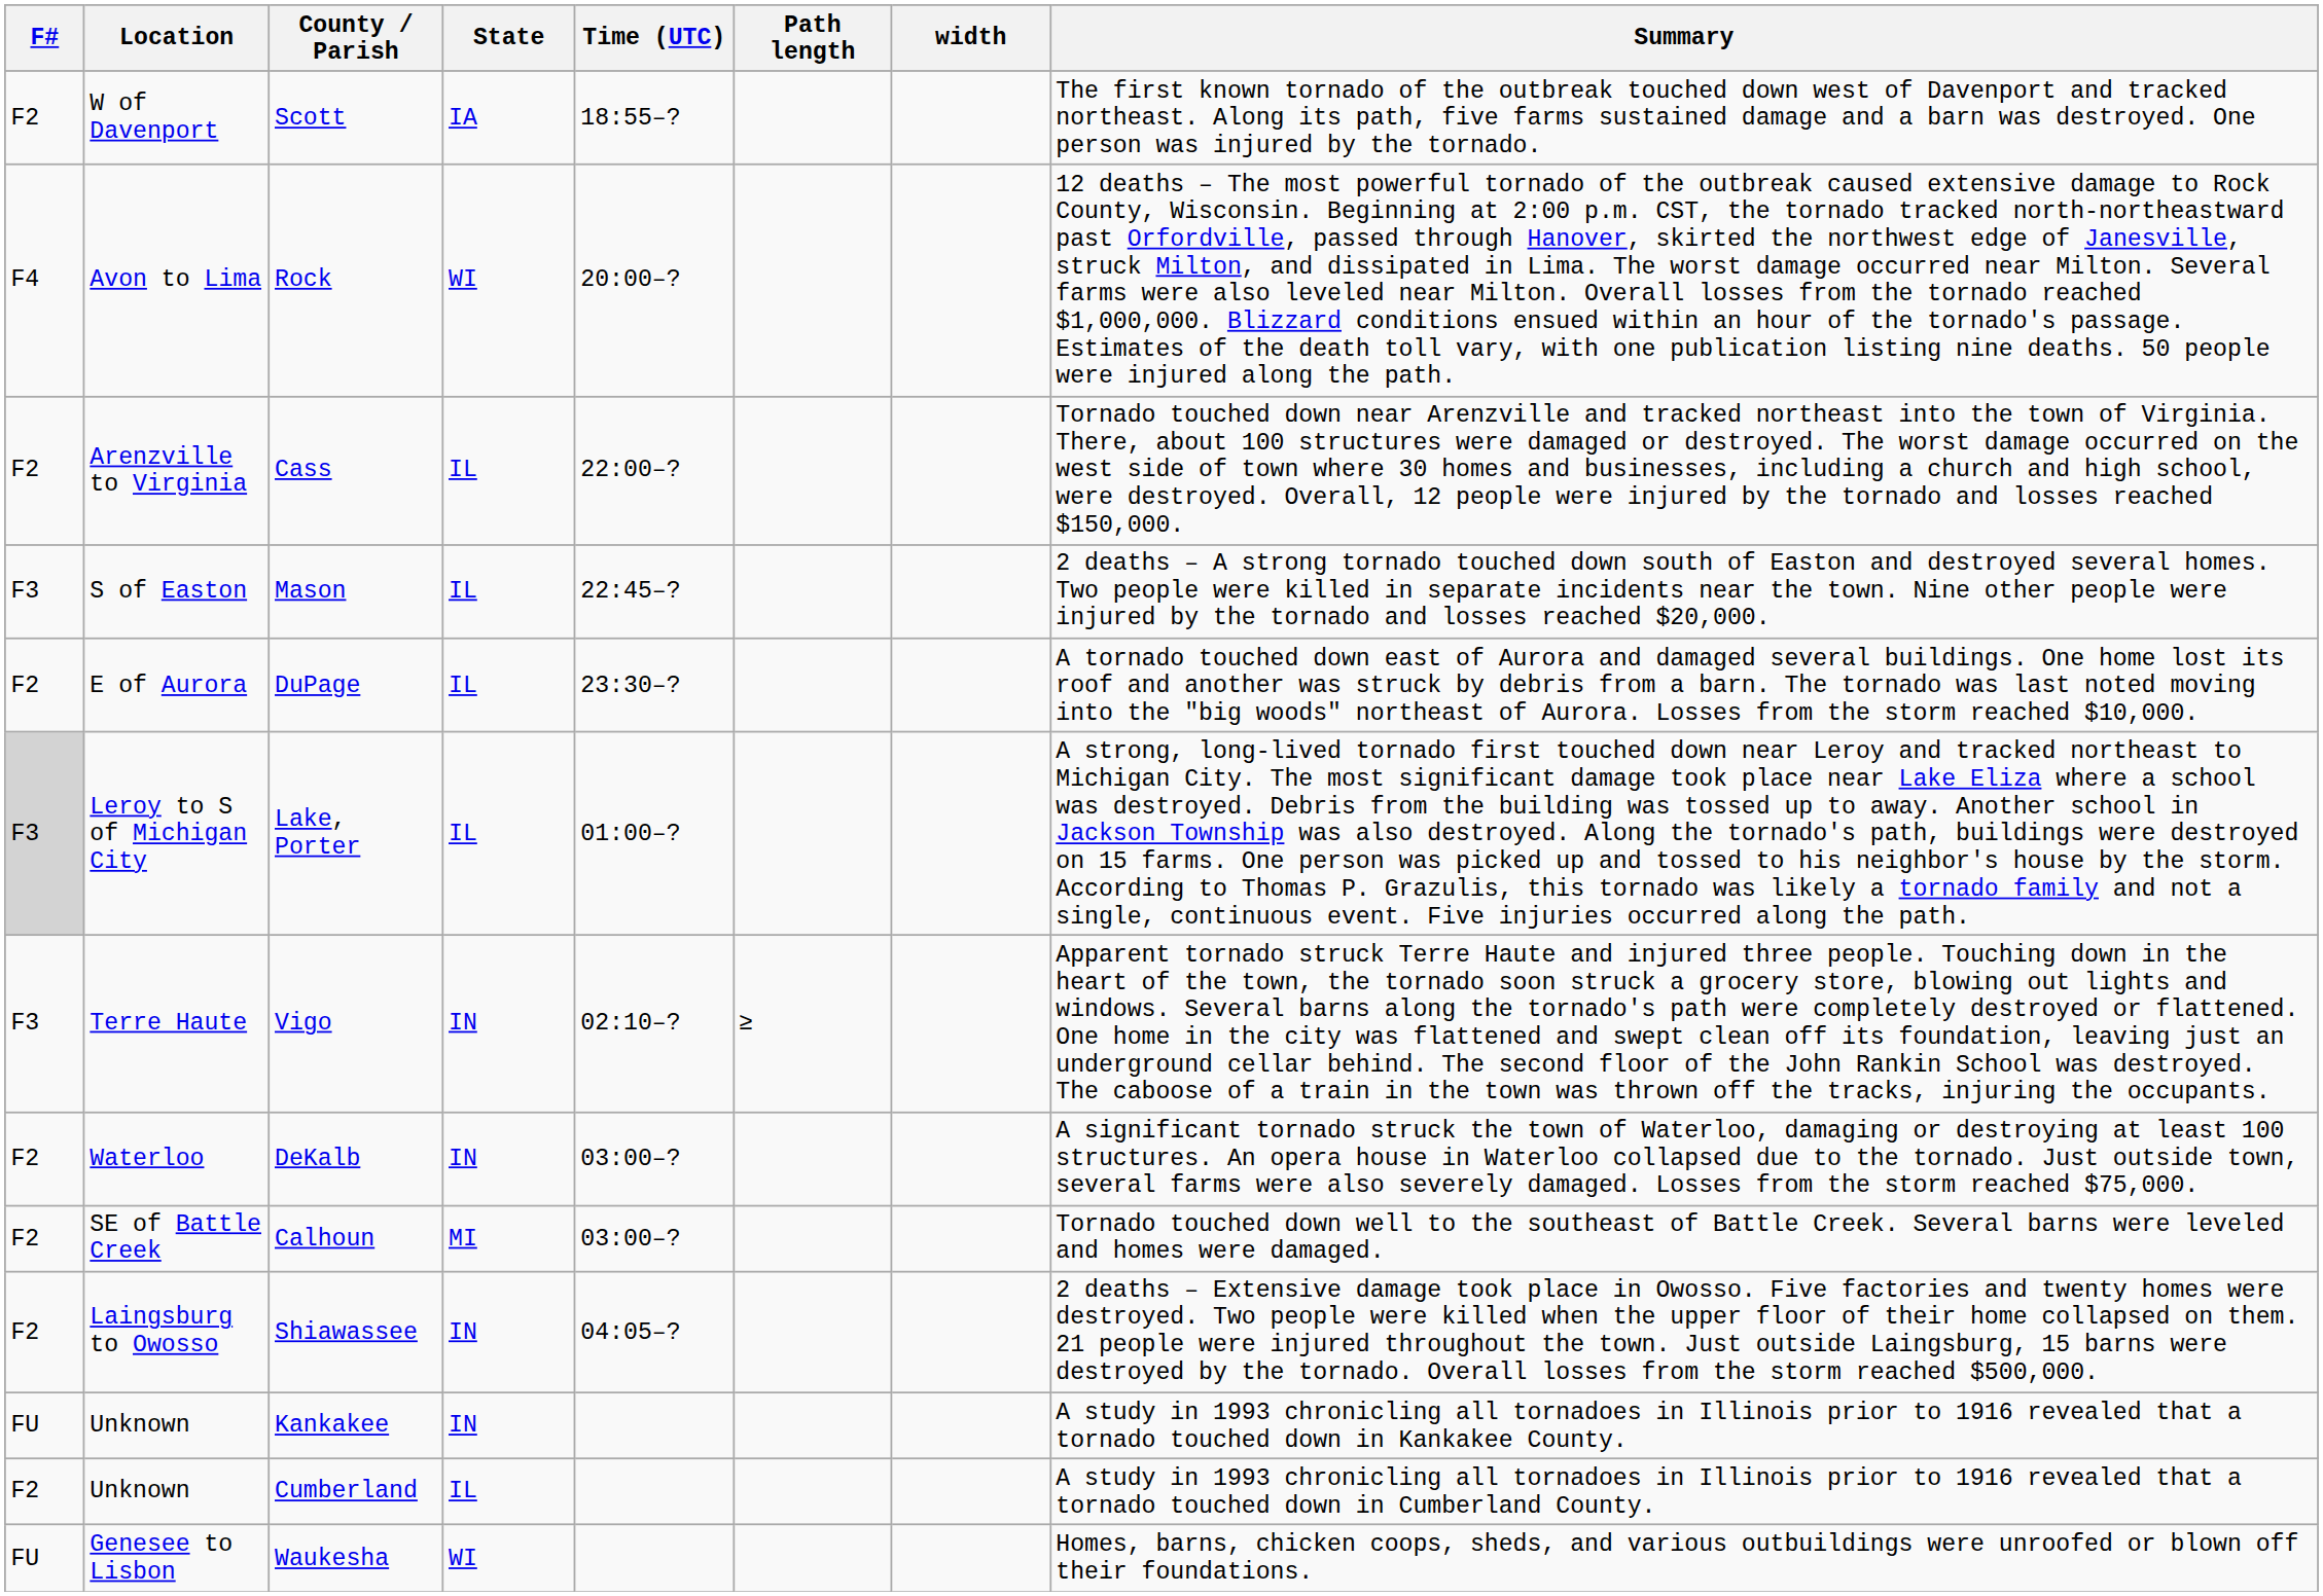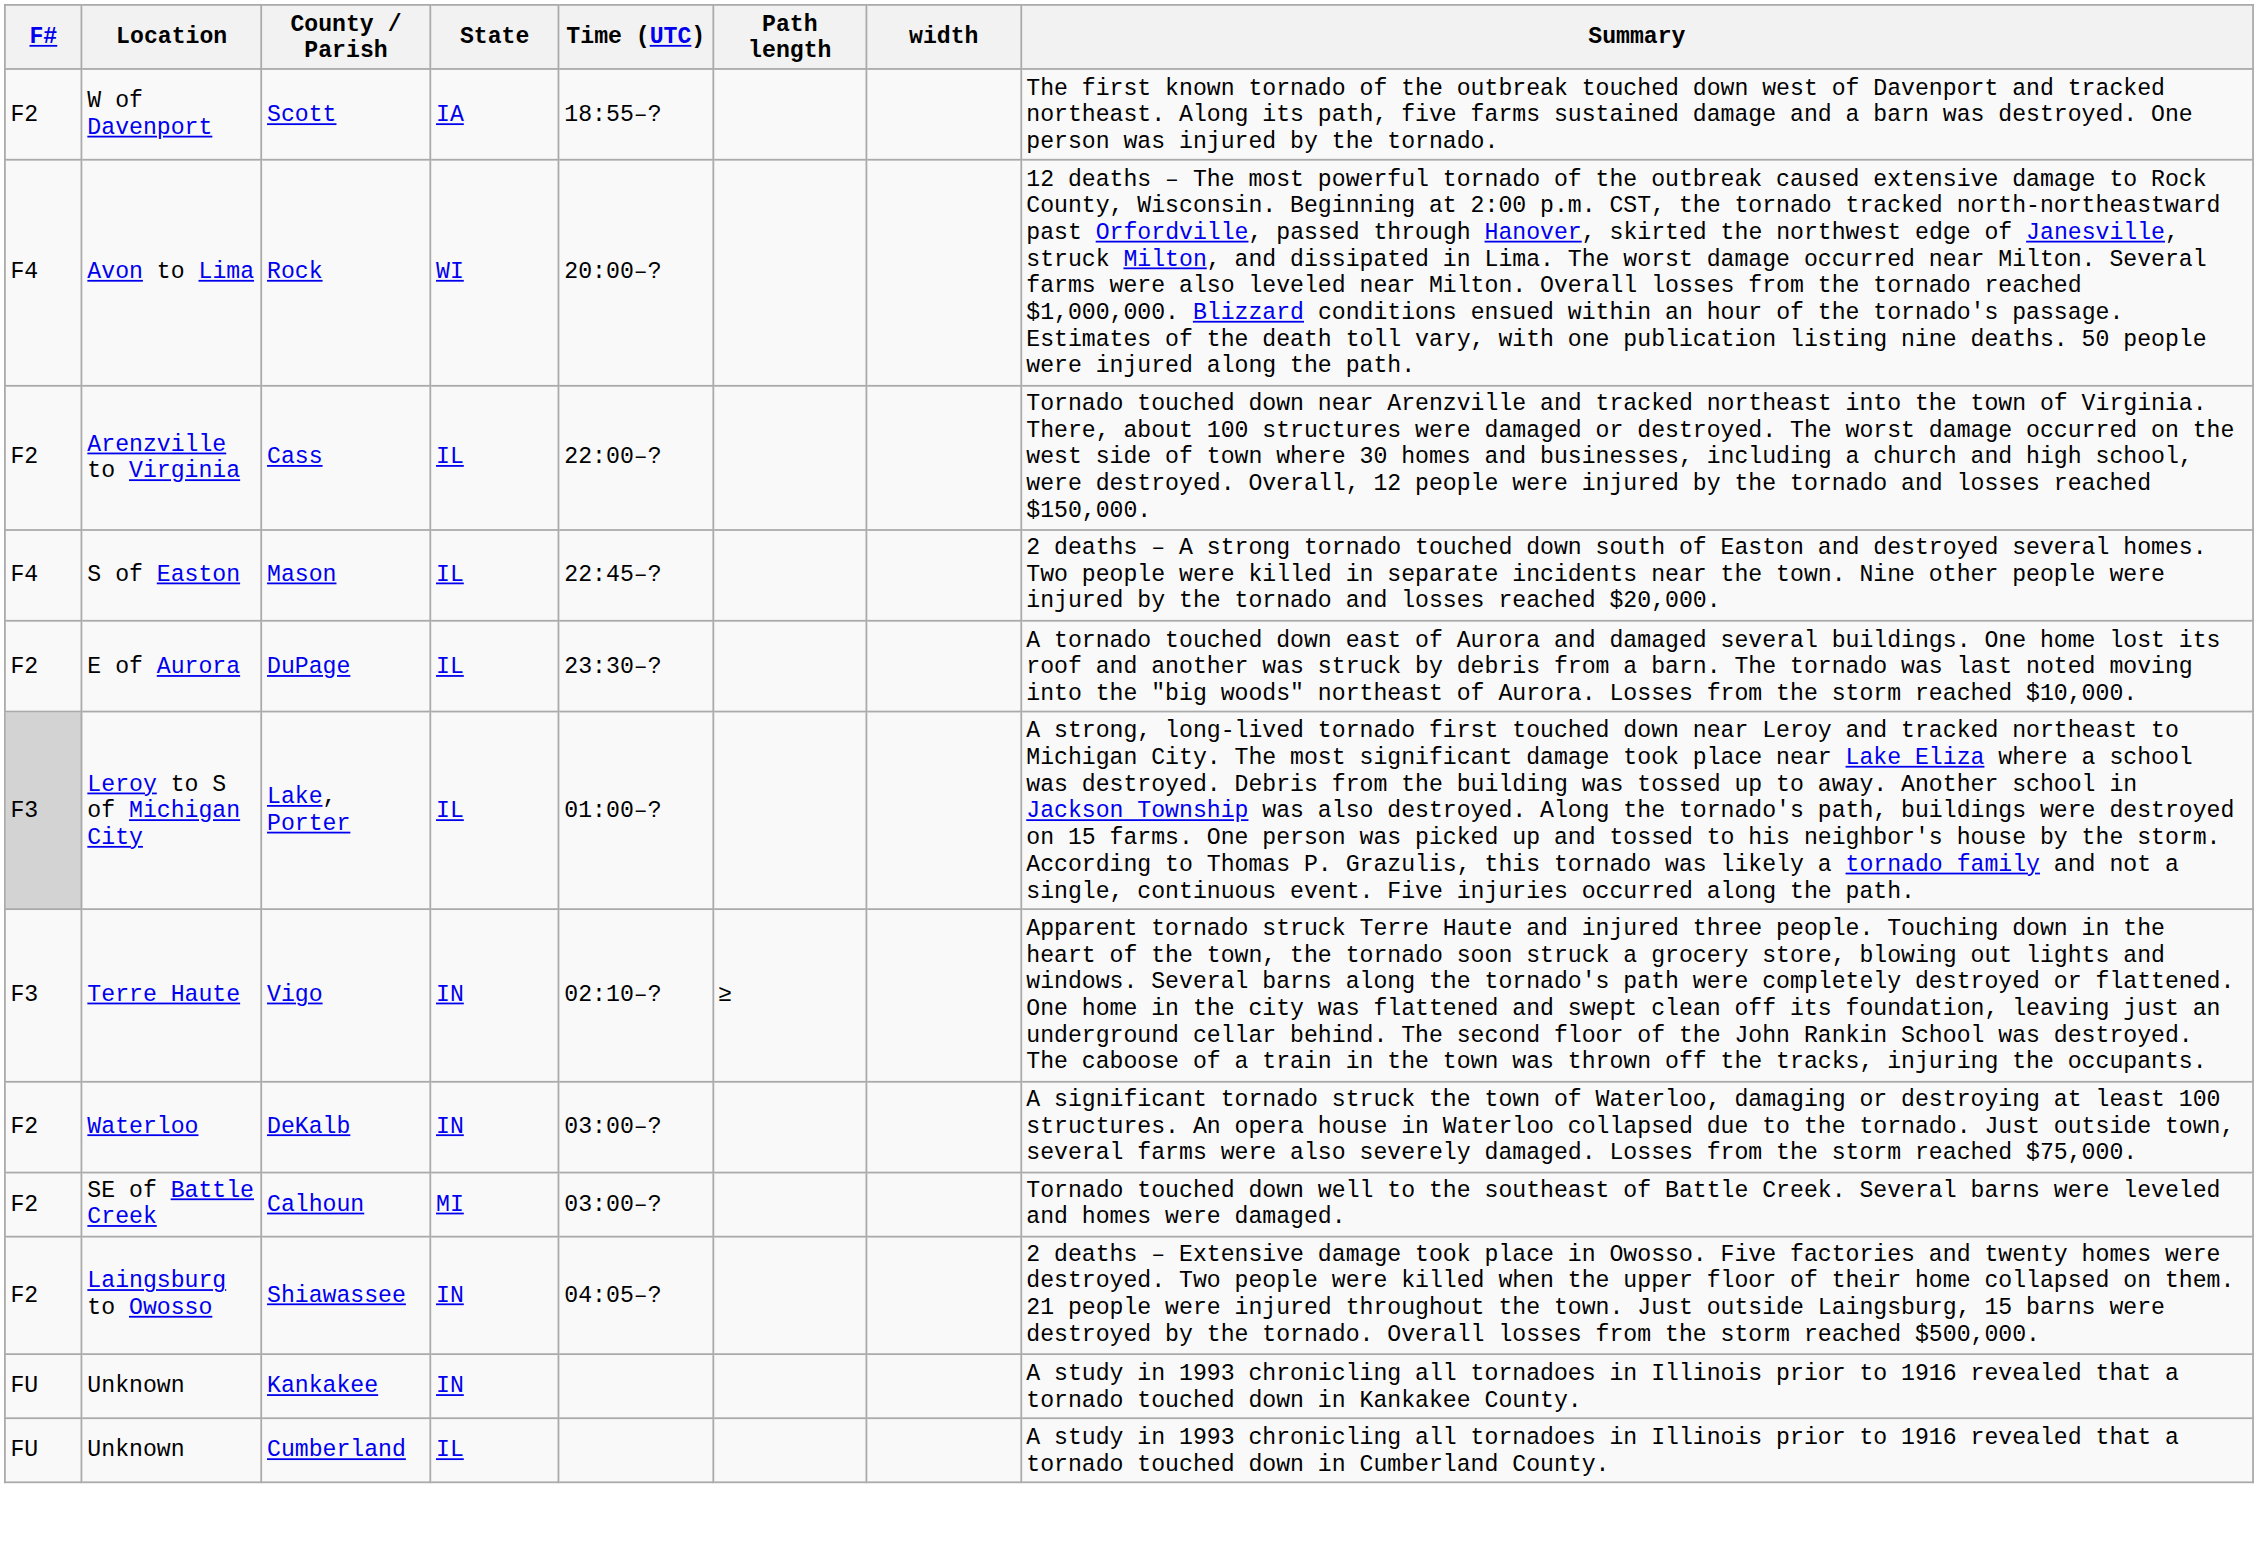 <table class="wikitable sortable" style="width:100%;">
 <tr>
 <th scope="col"  style="width:3%; text-align:center;"><a href='#'>F#</a></th>
 <th scope="col"  style="width:7%; text-align:center;" class="unsortable">Location</th>
 <th scope="col"  style="width:6%; text-align:center;" class="unsortable">County / Parish</th>
 <th scope="col"  style="width:5%; text-align:center;">State</th>
 <th scope="col"  style="width:6%; text-align:center;">Time (<a href='#'>UTC</a>)</th>
 <th scope="col"  style="width:6%; text-align:center;">Path length</th>
 <th scope="col"  style="width:6%; text-align:center;"> width</th>
 <th scope="col" class="unsortable" style="width:48%; text-align:center;">Summary</th>
 </tr>
 <tr>
 <td>F2</td>
 <td>W of <a href='#'>Davenport</a></td>
 <td><a href='#'>Scott</a></td>
 <td><a href='#'>IA</a></td>
 <td>18:55–?</td>
 <td></td>
 <td></td>
 <td>The first known tornado of the outbreak touched down  west of Davenport and tracked northeast. Along its path, five farms sustained damage and a barn was destroyed. One person was injured by the tornado.</td>
 </tr>
 <tr>
 <td>F4</td>
 <td><a href='#'>Avon</a> to <a href='#'>Lima</a></td>
 <td><a href='#'>Rock</a></td>
 <td><a href='#'>WI</a></td>
 <td>20:00–?</td>
 <td></td>
 <td></td>
 <td>12 deaths – The most powerful tornado of the outbreak caused extensive damage to Rock County, Wisconsin. Beginning at 2:00 p.m. CST, the tornado tracked north-northeastward past <a href='#'>Orfordville</a>, passed through <a href='#'>Hanover</a>, skirted the northwest edge of <a href='#'>Janesville</a>, struck <a href='#'>Milton</a>, and dissipated in Lima. The worst damage occurred near Milton. Several farms were also leveled near Milton. Overall losses from the tornado reached $1,000,000. <a href='#'>Blizzard</a> conditions ensued within an hour of the tornado's passage. Estimates of the death toll vary, with one publication listing nine deaths. 50 people were injured along the path.</td>
 </tr>
 <tr>
 <td>F2</td>
 <td><a href='#'>Arenzville</a> to <a href='#'>Virginia</a></td>
 <td><a href='#'>Cass</a></td>
 <td><a href='#'>IL</a></td>
 <td>22:00–?</td>
 <td></td>
 <td></td>
 <td>Tornado touched down near Arenzville and tracked northeast into the town of Virginia. There, about 100 structures were damaged or destroyed. The worst damage occurred on the west side of town where 30 homes and businesses, including a church and high school, were destroyed. Overall, 12 people were injured by the tornado and losses reached $150,000.</td>
 </tr>
 <tr>
-<td>F3</td>
+<td>F4</td>
 <td>S of <a href='#'>Easton</a></td>
 <td><a href='#'>Mason</a></td>
 <td><a href='#'>IL</a></td>
 <td>22:45–?</td>
 <td></td>
 <td></td>
 <td>2 deaths – A strong tornado touched down south of Easton and destroyed several homes. Two people were killed in separate incidents near the town. Nine other people were injured by the tornado and losses reached $20,000.</td>
 </tr>
 <tr>
 <td>F2</td>
 <td>E of <a href='#'>Aurora</a></td>
 <td><a href='#'>DuPage</a></td>
 <td><a href='#'>IL</a></td>
 <td>23:30–?</td>
 <td></td>
 <td></td>
 <td>A tornado touched down east of Aurora and damaged several buildings. One home lost its roof and another was struck by debris from a barn. The tornado was last noted moving into the "big woods" northeast of Aurora. Losses from the storm reached $10,000.</td>
 </tr>
 <tr>
 <td style="background: lightgrey;">F3</td>
 <td><a href='#'>Leroy</a> to S of <a href='#'>Michigan City</a></td>
 <td><a href='#'>Lake</a>, <a href='#'>Porter</a></td>
 <td><a href='#'>IL</a></td>
 <td>01:00–?</td>
 <td></td>
 <td></td>
 <td>A strong, long-lived tornado first touched down near Leroy and tracked northeast to Michigan City. The most significant damage took place near <a href='#'>Lake Eliza</a> where a school was destroyed. Debris from the building was tossed up to  away. Another school in <a href='#'>Jackson Township</a> was also destroyed. Along the tornado's path, buildings were destroyed on 15 farms. One person was picked up and tossed to his neighbor's house by the storm. According to Thomas P. Grazulis, this tornado was likely a <a href='#'>tornado family</a> and not a single, continuous event. Five injuries occurred along the path.</td>
 </tr>
 <tr>
 <td>F3</td>
 <td><a href='#'>Terre Haute</a></td>
 <td><a href='#'>Vigo</a></td>
 <td><a href='#'>IN</a></td>
 <td>02:10–?</td>
 <td>≥</td>
 <td></td>
 <td>Apparent tornado struck Terre Haute and injured three people. Touching down in the heart of the town, the tornado soon struck a grocery store, blowing out lights and windows. Several barns along the tornado's path were completely destroyed or flattened. One home in the city was flattened and swept clean off its foundation, leaving just an underground cellar behind. The second floor of the John Rankin School was destroyed. The caboose of a train in the town was thrown off the tracks, injuring the occupants.</td>
 </tr>
 <tr>
 <td>F2</td>
 <td><a href='#'>Waterloo</a></td>
 <td><a href='#'>DeKalb</a></td>
 <td><a href='#'>IN</a></td>
 <td>03:00–?</td>
 <td></td>
 <td></td>
 <td>A significant tornado struck the town of Waterloo, damaging or destroying at least 100 structures. An opera house in Waterloo collapsed due to the tornado. Just outside town, several farms were also severely damaged. Losses from the storm reached $75,000.</td>
 </tr>
 <tr>
 <td>F2</td>
 <td>SE of <a href='#'>Battle Creek</a></td>
 <td><a href='#'>Calhoun</a></td>
 <td><a href='#'>MI</a></td>
 <td>03:00–?</td>
 <td></td>
 <td></td>
 <td>Tornado touched down well to the southeast of Battle Creek. Several barns were leveled and homes were damaged.</td>
 </tr>
 <tr>
 <td>F2</td>
 <td><a href='#'>Laingsburg</a> to <a href='#'>Owosso</a></td>
 <td><a href='#'>Shiawassee</a></td>
 <td><a href='#'>IN</a></td>
 <td>04:05–?</td>
 <td></td>
 <td></td>
 <td>2 deaths – Extensive damage took place in Owosso. Five factories and twenty homes were destroyed. Two people were killed when the upper floor of their home collapsed on them. 21 people were injured throughout the town. Just outside Laingsburg, 15 barns were destroyed by the tornado. Overall losses from the storm reached $500,000.</td>
 </tr>
 <tr>
 <td>FU</td>
 <td>Unknown</td>
 <td><a href='#'>Kankakee</a></td>
 <td><a href='#'>IN</a></td>
 <td></td>
 <td></td>
 <td></td>
 <td>A study in 1993 chronicling all tornadoes in Illinois prior to 1916 revealed that a tornado touched down in Kankakee County.</td>
 </tr>
 <tr>
-<td>F2</td>
+<td>FU</td>
 <td>Unknown</td>
 <td><a href='#'>Cumberland</a></td>
 <td><a href='#'>IL</a></td>
 <td></td>
 <td></td>
 <td></td>
 <td>A study in 1993 chronicling all tornadoes in Illinois prior to 1916 revealed that a tornado touched down in Cumberland County.</td>
 </tr>
-<tr>
-<td>FU</td>
-<td><a href='#'>Genesee</a> to <a href='#'>Lisbon</a></td>
-<td><a href='#'>Waukesha</a></td>
-<td><a href='#'>WI</a></td>
-<td></td>
-<td></td>
-<td></td>
-<td>Homes, barns, chicken coops, sheds, and various outbuildings were unroofed or blown off their foundations.</td>
-</tr>
 </table>
